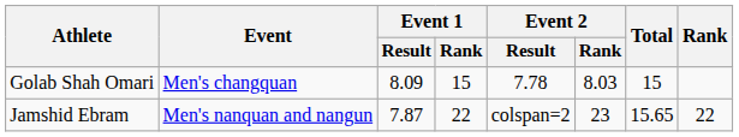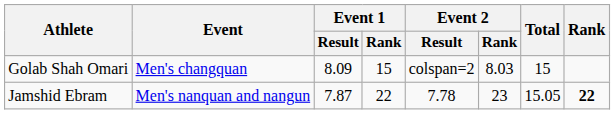 <table class=wikitable style=font-size:90%;text-align:center>
 <tr>
 <th rowspan="2">Athlete</th>
 <th rowspan="2">Event</th>
 <th colspan="2">Event 1</th>
 <th colspan="2">Event 2</th>
 <th rowspan="2">Total</th>
 <th rowspan="2">Rank</th>
 </tr>
 <tr style="font-size:95%">
 <th>Result</th>
 <th>Rank</th>
 <th>Result</th>
 <th>Rank</th>
 </tr>
 <tr>
 <td align=left>Golab Shah Omari</td>
 <td align=left><a href='#'>Men's changquan</a></td>
 <td>8.09</td>
 <td>15</td>
-<td>7.78</td>
+<td>colspan=2 </td>
 <td>8.03</td>
 <td>15</td>
 </tr>
 <tr>
 <td align=left>Jamshid Ebram</td>
 <td align=left><a href='#'>Men's nanquan and nangun</a></td>
 <td>7.87</td>
 <td>22</td>
-<td>colspan=2 </td>
+<td>7.78</td>
 <td>23</td>
-<td>15.65</td>
-<td>22</td>
+<td>15.05</td>
+<td><strong>22</strong></td>
 </tr>
 </table>
